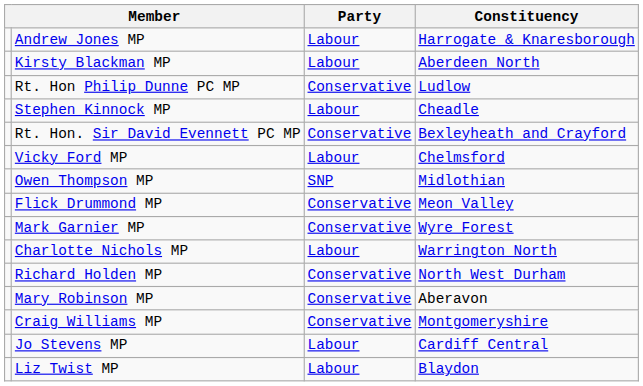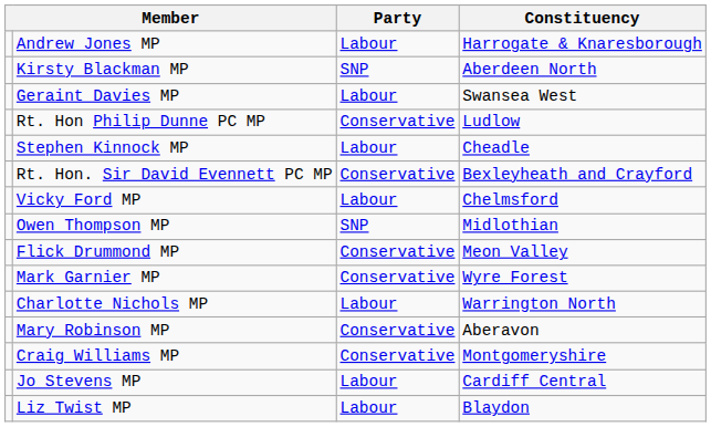 <table class="wikitable">
 <tr>
 <th colspan="2" valign="top">Member</th>
 <th valign="top">Party</th>
 <th valign="top">Constituency</th>
 </tr>
 <tr>
 <td style="color:inherit;background:"></td>
 <td><a href='#'>Andrew Jones</a> MP</td>
 <td><a href='#'>Labour</a></td>
 <td><a href='#'>Harrogate & Knaresborough</a></td>
 </tr>
 <tr>
 <td style="color:inherit;background:"></td>
 <td><a href='#'>Kirsty Blackman</a> MP</td>
+<td><a href='#'>SNP</a></td>
+<td><a href='#'>Aberdeen North</a></td>
+</tr>
+<tr>
+<td style="color:inherit;background:"></td>
+<td><a href='#'>Geraint Davies</a> MP</td>
 <td><a href='#'>Labour</a></td>
-<td><a href='#'>Aberdeen North</a></td>
+<td>Swansea West</td>
 </tr>
 <tr>
 <td style="color:inherit;background:"></td>
 <td>Rt. Hon <a href='#'>Philip Dunne</a> PC MP</td>
 <td><a href='#'>Conservative</a></td>
 <td><a href='#'>Ludlow</a></td>
 </tr>
 <tr>
 <td style="color:inherit;background:"></td>
 <td><a href='#'>Stephen Kinnock</a> MP</td>
 <td><a href='#'>Labour</a></td>
 <td><a href='#'>Cheadle</a></td>
 </tr>
 <tr>
 <td style="color:inherit;background:"></td>
 <td>Rt. Hon. <a href='#'>Sir David Evennett</a> PC MP</td>
 <td><a href='#'>Conservative</a></td>
 <td><a href='#'>Bexleyheath and Crayford</a></td>
 </tr>
 <tr>
 <td style="color:inherit;background:"></td>
 <td><a href='#'>Vicky Ford</a> MP</td>
 <td><a href='#'>Labour</a></td>
 <td><a href='#'>Chelmsford</a></td>
 </tr>
 <tr>
 <td style="color:inherit;background:"></td>
 <td><a href='#'>Owen Thompson</a> MP</td>
 <td><a href='#'>SNP</a></td>
 <td><a href='#'>Midlothian</a></td>
 </tr>
 <tr>
 <td style="color:inherit;background:"></td>
 <td><a href='#'>Flick Drummond</a> MP</td>
 <td><a href='#'>Conservative</a></td>
 <td><a href='#'>Meon Valley</a></td>
 </tr>
 <tr>
 <td style="color:inherit;background:"></td>
 <td><a href='#'>Mark Garnier</a> MP</td>
 <td><a href='#'>Conservative</a></td>
 <td><a href='#'>Wyre Forest</a></td>
 </tr>
 <tr>
 <td style="color:inherit;background:"></td>
 <td><a href='#'>Charlotte Nichols</a> MP</td>
 <td><a href='#'>Labour</a></td>
 <td><a href='#'>Warrington North</a></td>
 </tr>
 <tr>
 <td style="color:inherit;background:"></td>
-<td><a href='#'>Richard Holden</a> MP</td>
-<td><a href='#'>Conservative</a></td>
-<td><a href='#'>North West Durham</a></td>
-</tr>
-<tr>
-<td style="color:inherit;background:"></td>
 <td><a href='#'>Mary Robinson</a> MP</td>
 <td><a href='#'>Conservative</a></td>
 <td>Aberavon</td>
 </tr>
 <tr>
 <td style="color:inherit;background:"></td>
 <td><a href='#'>Craig Williams</a> MP</td>
 <td><a href='#'>Conservative</a></td>
 <td><a href='#'>Montgomeryshire</a></td>
 </tr>
 <tr>
 <td style="color:inherit;background:"></td>
 <td><a href='#'>Jo Stevens</a> MP</td>
 <td><a href='#'>Labour</a></td>
 <td><a href='#'>Cardiff Central</a></td>
 </tr>
 <tr>
 <td style="color:inherit;background:"></td>
 <td><a href='#'>Liz Twist</a> MP</td>
 <td><a href='#'>Labour</a></td>
 <td><a href='#'>Blaydon</a></td>
 </tr>
 </table>
